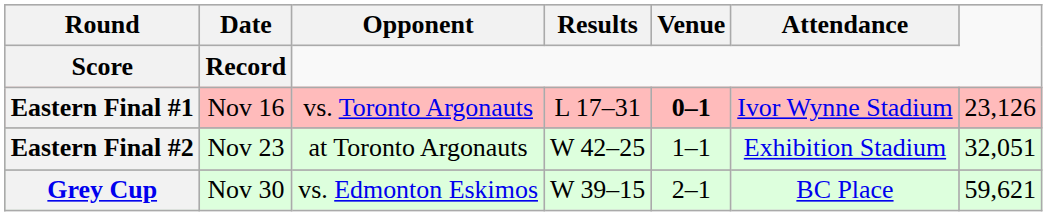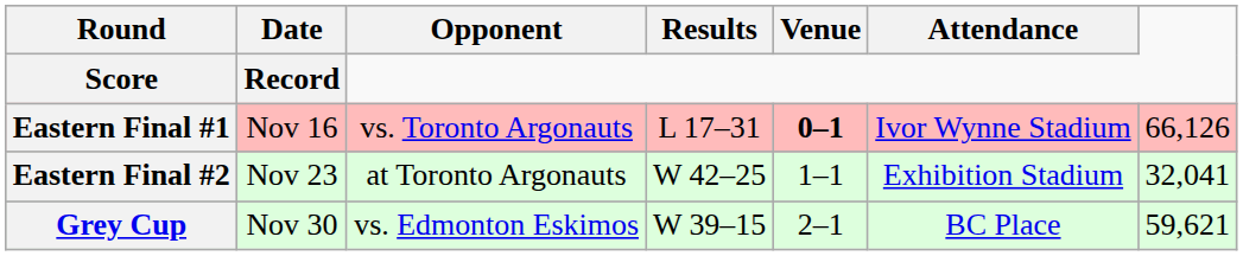 <table class="wikitable" style="text-align:center">
 <tr>
 <th>Round</th>
 <th>Date</th>
 <th>Opponent</th>
 <th>Results</th>
 <th>Venue</th>
 <th>Attendance</th>
 </tr>
 <tr>
 <th>Score</th>
 <th>Record</th>
 </tr>
 <tr style="background:#ffbbbb">
 <th>Eastern Final #1</th>
 <td>Nov 16</td>
 <td>vs. <a href='#'>Toronto Argonauts</a></td>
 <td>L 17–31</td>
 <td><strong>0–1</strong></td>
 <td><a href='#'>Ivor Wynne Stadium</a></td>
-<td>23,126</td>
+<td>66,126</td>
 </tr>
 <tr style="background:#ddffdd">
 <th>Eastern Final #2</th>
 <td>Nov 23</td>
 <td>at Toronto Argonauts</td>
 <td>W 42–25</td>
 <td>1–1</td>
 <td><a href='#'>Exhibition Stadium</a></td>
-<td>32,051</td>
+<td>32,041</td>
 </tr>
 <tr style="background:#ddffdd">
 <th><a href='#'>Grey Cup</a></th>
 <td>Nov 30</td>
 <td>vs. <a href='#'>Edmonton Eskimos</a></td>
 <td>W 39–15</td>
 <td>2–1</td>
 <td><a href='#'>BC Place</a></td>
 <td>59,621</td>
 </tr>
 </table>
